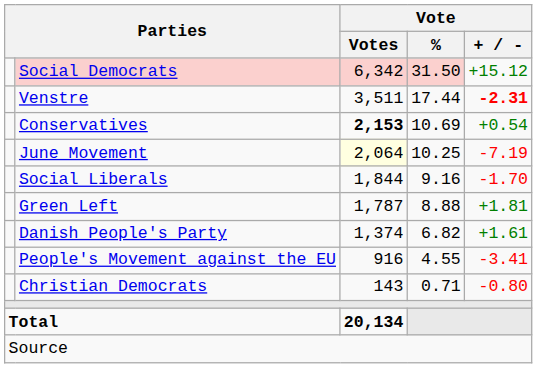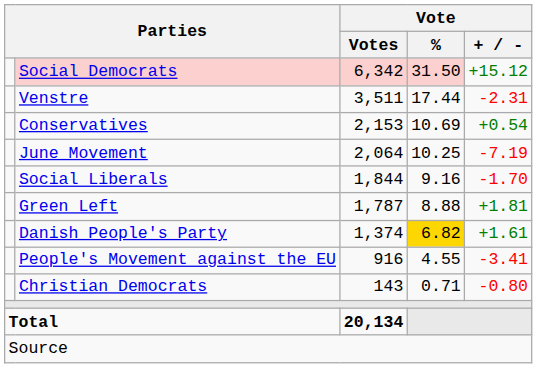 <table class="wikitable" style="text-align:right;">
 <tr>
 <th style="text-align:centre;" rowspan="2" colspan="2" width="225">Parties</th>
 <th colspan="3">Vote</th>
 </tr>
 <tr>
 <th width="15">Votes</th>
 <th width="15">%</th>
 <th width="15">+ / -</th>
 </tr>
 <tr>
 <td width="2" style="color:inherit;background:"></td>
 <td bgcolor=#fbd0ce   align="left"><a href='#'>Social Democrats</a></td>
 <td bgcolor=#fbd0ce>6,342</td>
 <td bgcolor=#fbd0ce>31.50</td>
 <td style=color:green;>+15.12</td>
 </tr>
 <tr>
 <td width="2" style="color:inherit;background:"></td>
 <td align="left"><a href='#'>Venstre</a></td>
 <td>3,511</td>
 <td>17.44</td>
-<td style=color:red;><strong>-2.31</strong></td>
+<td style=color:red;>-2.31</td>
 </tr>
 <tr>
 <td width="2" style="color:inherit;background:"></td>
 <td align="left"><a href='#'>Conservatives</a></td>
-<td><strong>2,153</strong></td>
+<td>2,153</td>
 <td>10.69</td>
 <td style=color:green;>+0.54</td>
 </tr>
 <tr>
 <td width="2" style="color:inherit;background:"></td>
 <td align="left"><a href='#'>June Movement</a></td>
-<td style="background: lightyellow;">2,064</td>
+<td>2,064</td>
 <td>10.25</td>
 <td style=color:red;>-7.19</td>
 </tr>
 <tr>
 <td width="2" style="color:inherit;background:"></td>
 <td align="left"><a href='#'>Social Liberals</a></td>
 <td>1,844</td>
 <td>9.16</td>
 <td style=color:red;>-1.70</td>
 </tr>
 <tr>
 <td width="2" style="color:inherit;background:"></td>
 <td align="left"><a href='#'>Green Left</a></td>
 <td>1,787</td>
 <td>8.88</td>
 <td style=color:green;>+1.81</td>
 </tr>
 <tr>
 <td width="2" style="color:inherit;background:"></td>
 <td align="left"><a href='#'>Danish People's Party</a></td>
 <td>1,374</td>
-<td>6.82</td>
+<td style="background: gold;">6.82</td>
 <td style=color:green;>+1.61</td>
 </tr>
 <tr>
 <td width="2" style="color:inherit;background:"></td>
 <td align="left"><a href='#'>People's Movement against the EU</a></td>
 <td>916</td>
 <td>4.55</td>
 <td style=color:red;>-3.41</td>
 </tr>
 <tr>
 <td width="2" style="color:inherit;background:"></td>
 <td align="left"><a href='#'>Christian Democrats</a></td>
 <td>143</td>
 <td>0.71</td>
 <td style=color:red;>-0.80</td>
 </tr>
 <tr>
 <td colspan="7" bgcolor="#E9E9E9"></td>
 </tr>
 <tr>
 <td align="left" colspan="2"><strong>Total</strong></td>
 <td><strong>20,134</strong></td>
 <td bgcolor="#E9E9E9" colspan="2"></td>
 </tr>
 <tr>
 <td align="left" colspan="6">Source</td>
 </tr>
 </table>
